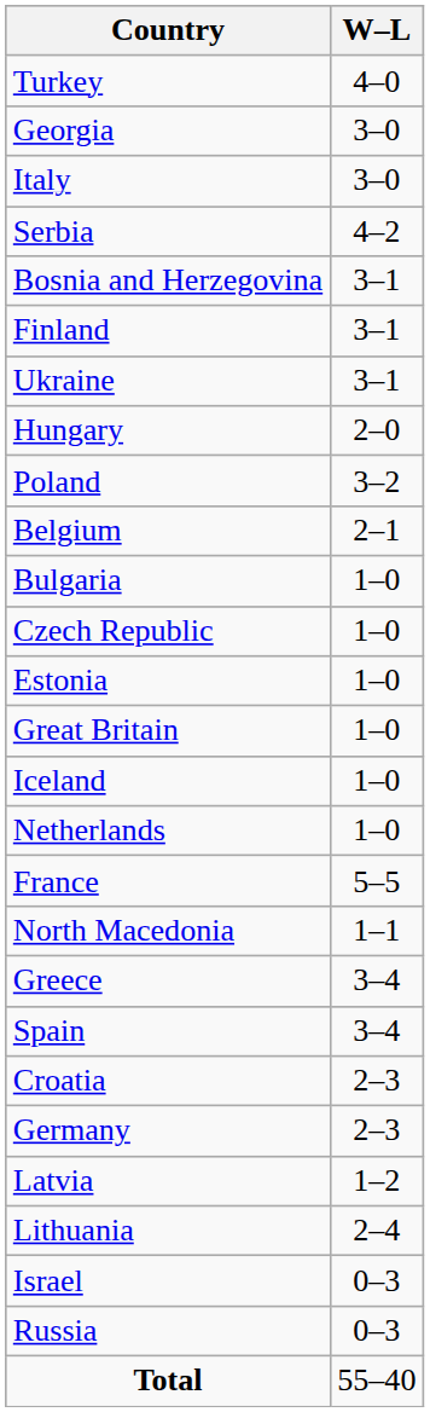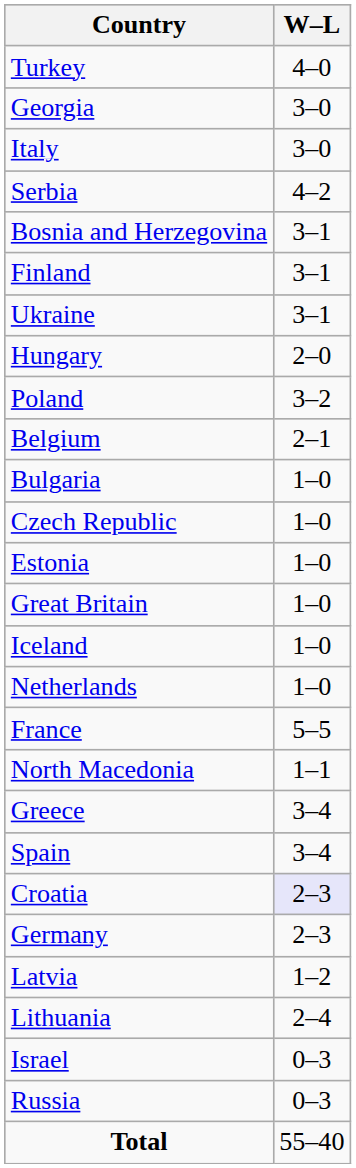 <table class="wikitable sortable collapsible collapsed" style="text-align: center; font-size: 100%;">
 <tr>
 <th>Country</th>
 <th>W–L</th>
 </tr>
 <tr>
 <td align=left> <a href='#'>Turkey</a></td>
 <td>4–0</td>
 </tr>
 <tr>
 <td align=left> <a href='#'>Georgia</a></td>
 <td>3–0</td>
 </tr>
 <tr>
 <td align=left> <a href='#'>Italy</a></td>
 <td>3–0</td>
 </tr>
 <tr>
 <td align=left> <a href='#'>Serbia</a></td>
 <td>4–2</td>
 </tr>
 <tr>
 <td align=left> <a href='#'>Bosnia and Herzegovina</a></td>
 <td>3–1</td>
 </tr>
 <tr>
 <td align=left> <a href='#'>Finland</a></td>
 <td>3–1</td>
 </tr>
 <tr>
 <td align=left> <a href='#'>Ukraine</a></td>
 <td>3–1</td>
 </tr>
 <tr>
 <td align=left> <a href='#'>Hungary</a></td>
 <td>2–0</td>
 </tr>
 <tr>
 <td align=left> <a href='#'>Poland</a></td>
 <td>3–2</td>
 </tr>
 <tr>
 <td align=left> <a href='#'>Belgium</a></td>
 <td>2–1</td>
 </tr>
 <tr>
 <td align=left> <a href='#'>Bulgaria</a></td>
 <td>1–0</td>
 </tr>
 <tr>
 <td align=left> <a href='#'>Czech Republic</a></td>
 <td>1–0</td>
 </tr>
 <tr>
 <td align=left> <a href='#'>Estonia</a></td>
 <td>1–0</td>
 </tr>
 <tr>
 <td align=left> <a href='#'>Great Britain</a></td>
 <td>1–0</td>
 </tr>
 <tr>
 <td align=left> <a href='#'>Iceland</a></td>
 <td>1–0</td>
 </tr>
 <tr>
 <td align=left> <a href='#'>Netherlands</a></td>
 <td>1–0</td>
 </tr>
 <tr>
 <td align=left> <a href='#'>France</a></td>
 <td>5–5</td>
 </tr>
 <tr>
 <td align=left> <a href='#'>North Macedonia</a></td>
 <td>1–1</td>
 </tr>
 <tr>
 <td align=left> <a href='#'>Greece</a></td>
 <td>3–4</td>
 </tr>
 <tr>
 <td align=left> <a href='#'>Spain</a></td>
 <td>3–4</td>
 </tr>
 <tr>
 <td align=left> <a href='#'>Croatia</a></td>
-<td>2–3</td>
+<td style="background: lavender;">2–3</td>
 </tr>
 <tr>
 <td align=left> <a href='#'>Germany</a></td>
 <td>2–3</td>
 </tr>
 <tr>
 <td align=left> <a href='#'>Latvia</a></td>
 <td>1–2</td>
 </tr>
 <tr>
 <td align=left> <a href='#'>Lithuania</a></td>
 <td>2–4</td>
 </tr>
 <tr>
 <td align=left> <a href='#'>Israel</a></td>
 <td>0–3</td>
 </tr>
 <tr>
 <td align=left> <a href='#'>Russia</a></td>
 <td>0–3</td>
 </tr>
 <tr>
 <td><strong>Total</strong></td>
 <td>55–40</td>
 </tr>
 </table>
